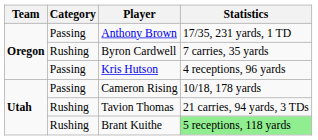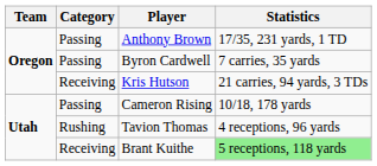 <table class="wikitable" style="float: left;">
 <tr>
 <th>Team</th>
 <th>Category</th>
 <th>Player</th>
 <th>Statistics</th>
 </tr>
 <tr>
 <td rowspan=3><strong>Oregon</strong></td>
 <td>Passing</td>
 <td><a href='#'>Anthony Brown</a></td>
 <td>17/35, 231 yards, 1 TD</td>
 </tr>
 <tr>
-<td>Rushing</td>
+<td>Passing</td>
 <td>Byron Cardwell</td>
 <td>7 carries, 35 yards</td>
 </tr>
 <tr>
-<td>Passing</td>
+<td>Receiving</td>
 <td><a href='#'>Kris Hutson</a></td>
-<td>4 receptions, 96 yards</td>
+<td>21 carries, 94 yards, 3 TDs</td>
 </tr>
 <tr>
 <td rowspan=3><strong>Utah</strong></td>
 <td>Passing</td>
 <td>Cameron Rising</td>
 <td>10/18, 178 yards</td>
 </tr>
 <tr>
 <td>Rushing</td>
 <td>Tavion Thomas</td>
-<td>21 carries, 94 yards, 3 TDs</td>
+<td>4 receptions, 96 yards</td>
 </tr>
 <tr>
-<td>Rushing</td>
+<td>Receiving</td>
 <td>Brant Kuithe</td>
 <td style="background: lightgreen;">5 receptions, 118 yards</td>
 </tr>
 </table>
